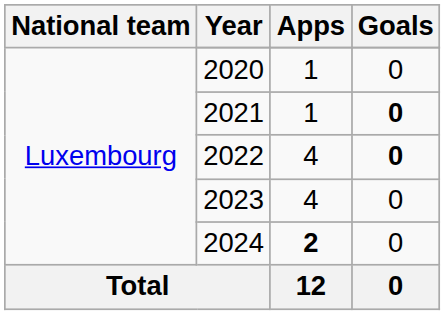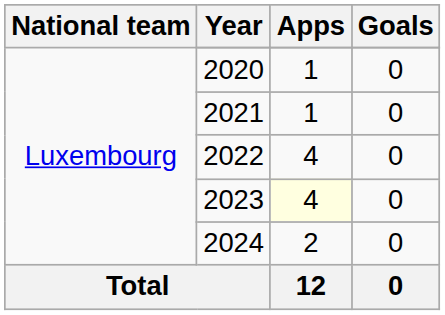 <table class="wikitable" style="text-align:center">
 <tr>
 <th>National team</th>
 <th>Year</th>
 <th>Apps</th>
 <th>Goals</th>
 </tr>
 <tr>
 <td rowspan=6><a href='#'>Luxembourg</a></td>
 </tr>
 <tr>
 <td>2020</td>
 <td>1</td>
 <td>0</td>
 </tr>
 <tr>
 <td>2021</td>
 <td>1</td>
-<td><strong>0</strong></td>
+<td>0</td>
 </tr>
 <tr>
 <td>2022</td>
 <td>4</td>
-<td><strong>0</strong></td>
+<td>0</td>
 </tr>
 <tr>
 <td>2023</td>
-<td>4</td>
+<td style="background: lightyellow;">4</td>
 <td>0</td>
 </tr>
 <tr>
 <td>2024</td>
-<td><strong>2</strong></td>
+<td>2</td>
 <td>0</td>
 </tr>
 <tr>
 <th colspan=2>Total</th>
 <th>12</th>
 <th>0</th>
 </tr>
 </table>
